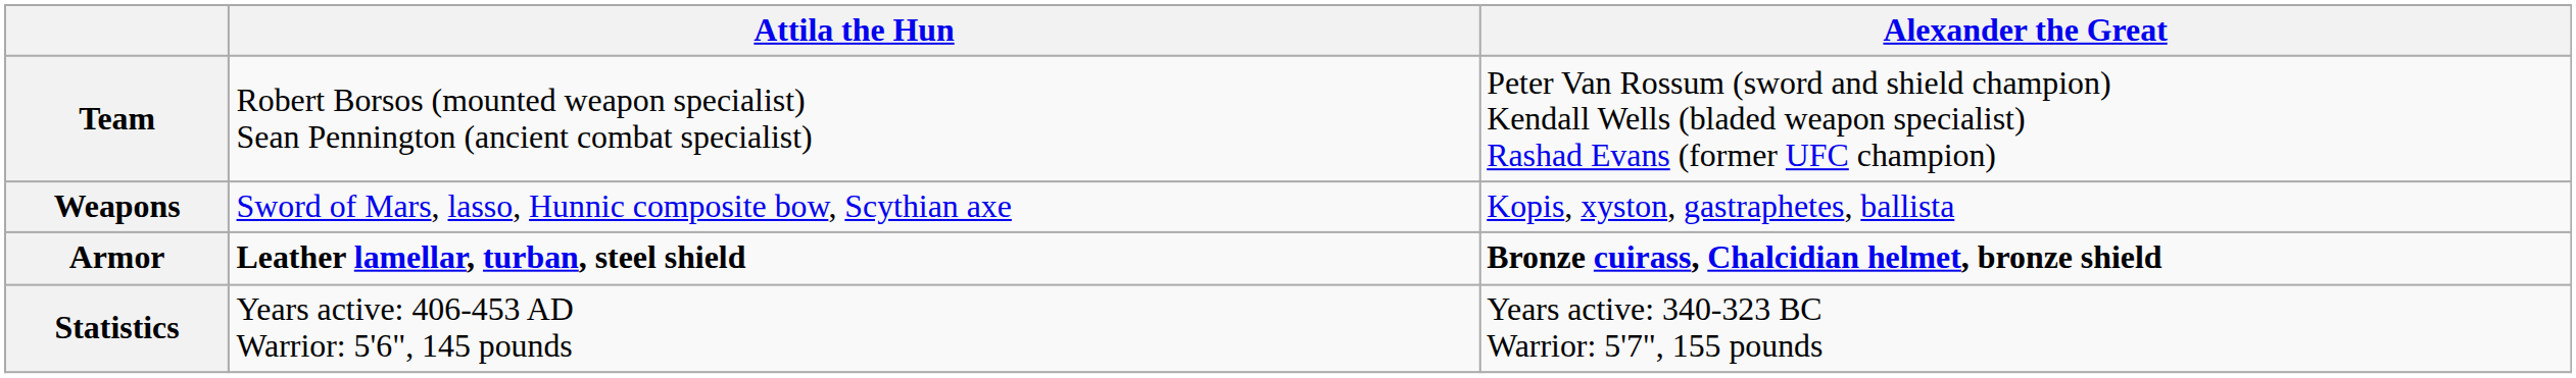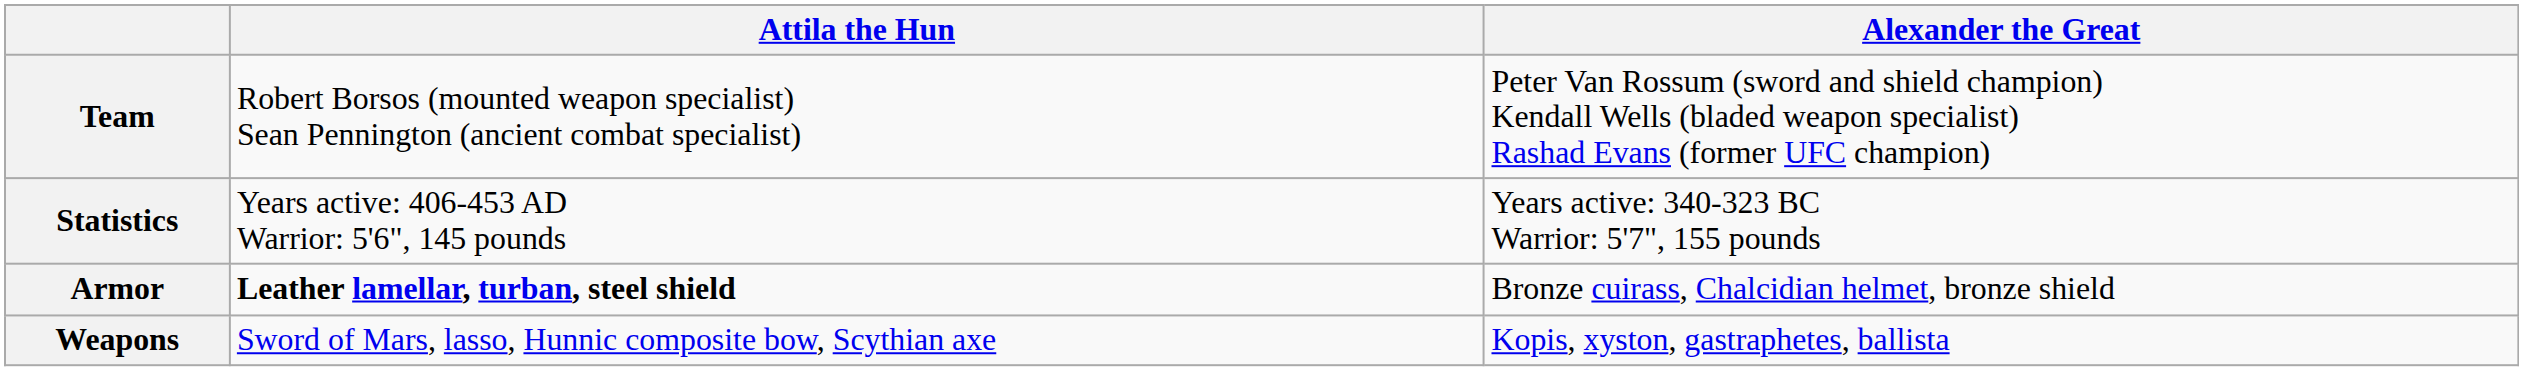 <table class="wikitable unsortable" ; style="width: 100%">
 <tr>
 <th></th>
 <th><strong><a href='#'>Attila the Hun</a></strong></th>
 <th><strong><a href='#'>Alexander the Great</a></strong></th>
 </tr>
 <tr>
 <th>Team</th>
 <td>Robert Borsos (mounted weapon specialist)<br>Sean Pennington (ancient combat specialist)</td>
 <td>Peter Van Rossum (sword and shield champion)<br>Kendall Wells (bladed weapon specialist)<br><a href='#'>Rashad Evans</a> (former <a href='#'>UFC</a> champion)</td>
 </tr>
 <tr>
+<th>Statistics</th>
+<td>Years active: 406-453 AD<br>Warrior: 5'6", 145 pounds</td>
+<td>Years active: 340-323 BC<br>Warrior: 5'7", 155 pounds</td>
+</tr>
+<tr>
+<th>Armor</th>
+<td><strong>Leather <a href='#'>lamellar</a>, <a href='#'>turban</a>, steel shield</strong></td>
+<td>Bronze <a href='#'>cuirass</a>, <a href='#'>Chalcidian helmet</a>, bronze shield</td>
+</tr>
+<tr>
 <th>Weapons</th>
 <td><a href='#'>Sword of Mars</a>, <a href='#'>lasso</a>, <a href='#'>Hunnic composite bow</a>, <a href='#'>Scythian axe</a></td>
 <td><a href='#'>Kopis</a>, <a href='#'>xyston</a>, <a href='#'>gastraphetes</a>, <a href='#'>ballista</a></td>
 </tr>
-<tr>
-<th>Armor</th>
-<td><strong>Leather <a href='#'>lamellar</a>, <a href='#'>turban</a>, steel shield</strong></td>
-<td><strong>Bronze <a href='#'>cuirass</a>, <a href='#'>Chalcidian helmet</a>, bronze shield</strong></td>
-</tr>
-<tr>
-<th>Statistics</th>
-<td>Years active: 406-453 AD<br>Warrior: 5'6", 145 pounds</td>
-<td>Years active: 340-323 BC<br>Warrior: 5'7", 155 pounds</td>
-</tr>
 </table>
